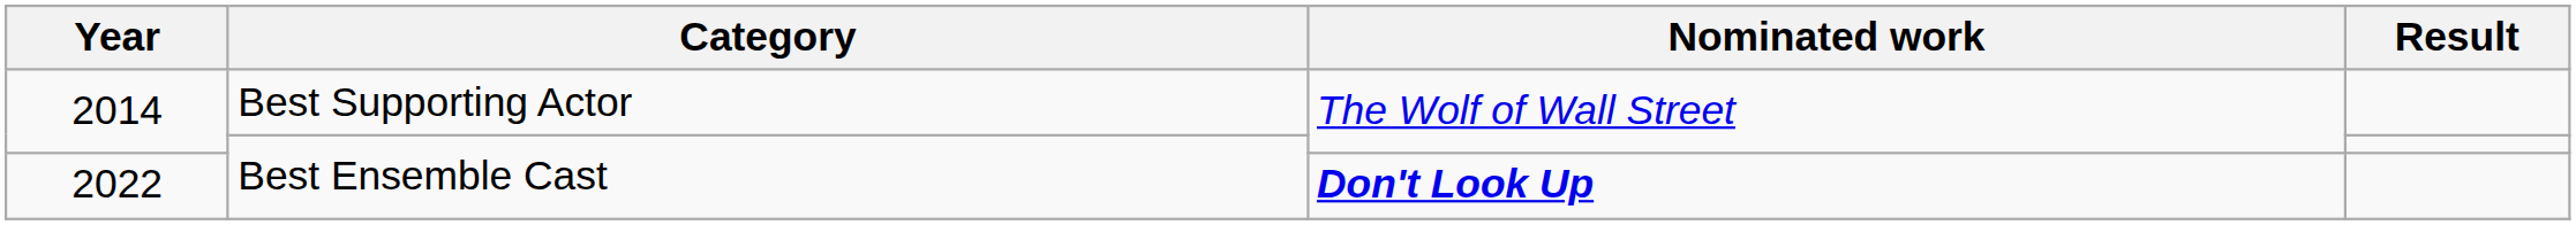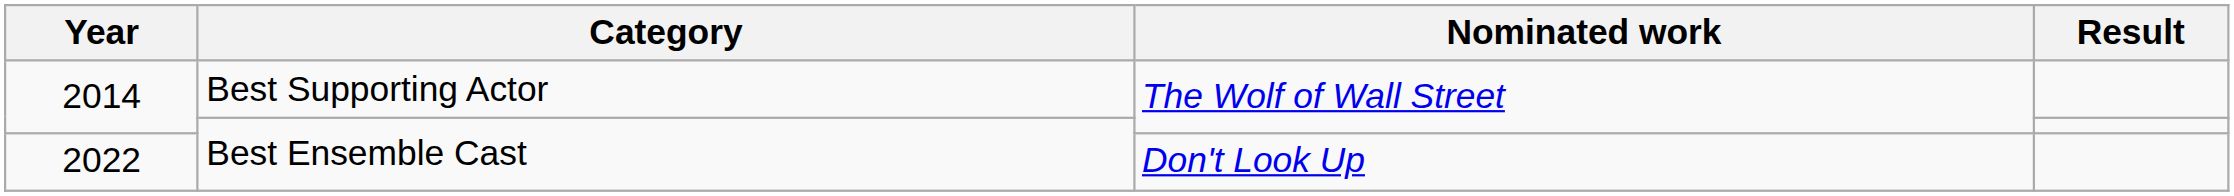 <table class=wikitable>
 <tr>
 <th scope="col" style="width:5em;">Year</th>
 <th scope="col" style="width:26em;">Category</th>
 <th scope="col" style="width:25em;">Nominated work</th>
 <th scope="col" style="width:5em;">Result</th>
 </tr>
 <tr>
 <td style="text-align:center;", rowspan="2">2014</td>
 <td>Best Supporting Actor</td>
 <td rowspan="2"><em><a href='#'>The Wolf of Wall Street</a></em></td>
 <td></td>
 </tr>
 <tr>
 <td rowspan="2">Best Ensemble Cast</td>
 <td></td>
 </tr>
 <tr>
 <td style="text-align:center;">2022</td>
-<td><strong><em><a href='#'>Don't Look Up</a></em></strong></td>
+<td><em><a href='#'>Don't Look Up</a></em></td>
 <td></td>
 </tr>
 </table>
